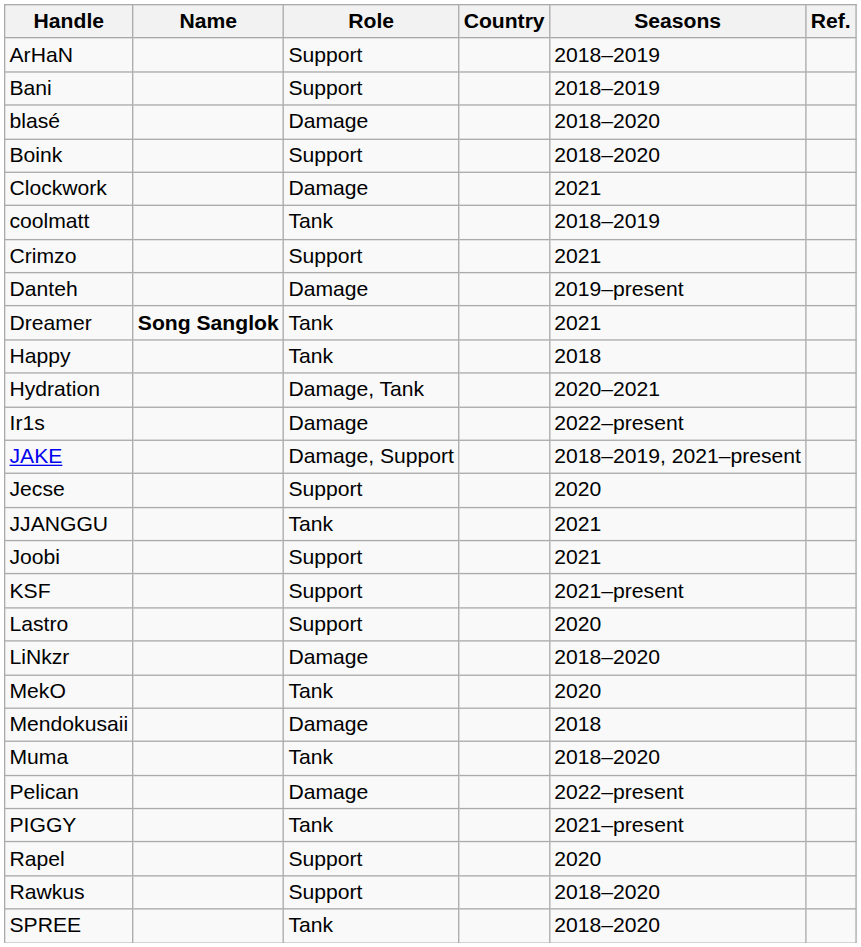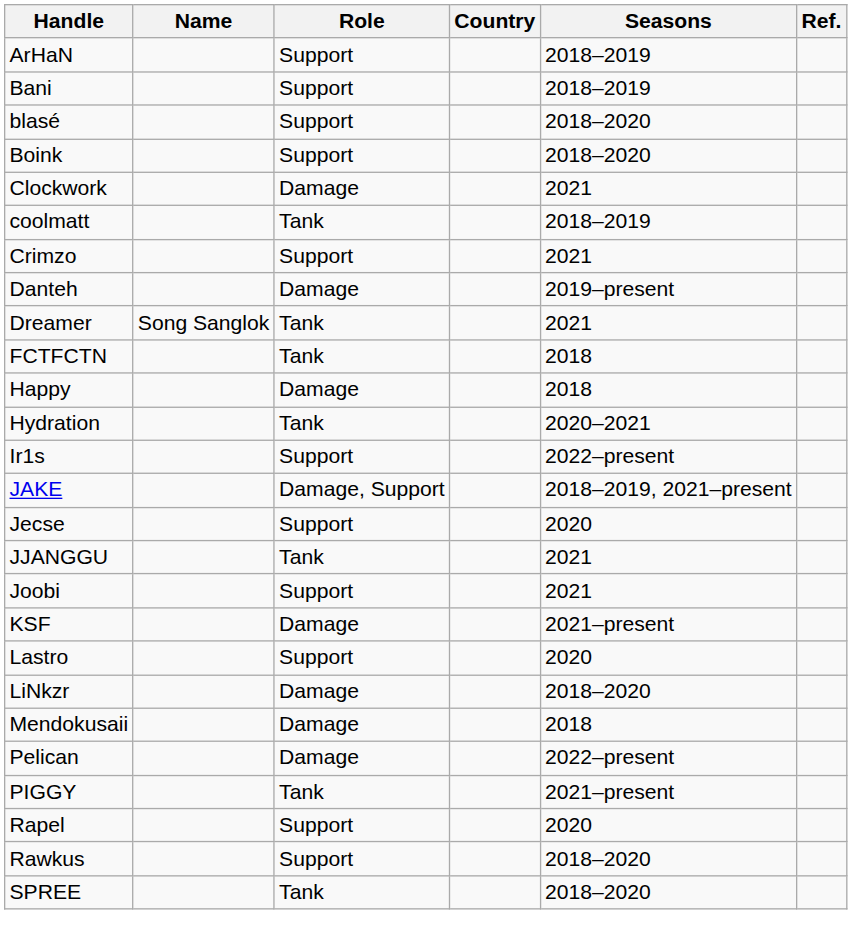 <table class="wikitable sortable" style="text-align:left;">
 <tr>
 <th style="background-color:#">Handle</th>
 <th style="background-color:#">Name</th>
 <th style="background-color:#">Role</th>
 <th style="background-color:#">Country</th>
 <th style="background-color:#">Seasons</th>
 <th style="background-color:#">Ref.</th>
 </tr>
 <tr>
 <td>ArHaN</td>
 <td></td>
 <td>Support</td>
 <td></td>
 <td>2018–2019</td>
 <td></td>
 </tr>
 <tr>
 <td>Bani</td>
 <td></td>
 <td>Support</td>
 <td></td>
 <td>2018–2019</td>
 <td></td>
 </tr>
 <tr>
 <td>blasé</td>
 <td></td>
-<td>Damage</td>
+<td>Support</td>
 <td></td>
 <td>2018–2020</td>
 <td></td>
 </tr>
 <tr>
 <td>Boink</td>
 <td></td>
 <td>Support</td>
 <td></td>
 <td>2018–2020</td>
 <td></td>
 </tr>
 <tr>
 <td>Clockwork</td>
 <td></td>
 <td>Damage</td>
 <td></td>
 <td>2021</td>
 <td></td>
 </tr>
 <tr>
 <td>coolmatt</td>
 <td></td>
 <td>Tank</td>
 <td></td>
 <td>2018–2019</td>
 <td></td>
 </tr>
 <tr>
 <td>Crimzo</td>
 <td></td>
 <td>Support</td>
 <td></td>
 <td>2021</td>
 <td></td>
 </tr>
 <tr>
 <td>Danteh</td>
 <td></td>
 <td>Damage</td>
 <td></td>
 <td>2019–present</td>
 <td></td>
 </tr>
 <tr>
 <td>Dreamer</td>
-<td><strong>Song Sanglok</strong></td>
+<td>Song Sanglok</td>
 <td>Tank</td>
 <td></td>
 <td>2021</td>
 <td></td>
 </tr>
 <tr>
-<td>Happy</td>
+<td>FCTFCTN</td>
 <td></td>
 <td>Tank</td>
 <td></td>
 <td>2018</td>
 <td></td>
 </tr>
 <tr>
+<td>Happy</td>
+<td></td>
+<td>Damage</td>
+<td></td>
+<td>2018</td>
+<td></td>
+</tr>
+<tr>
 <td>Hydration</td>
 <td></td>
-<td>Damage, Tank</td>
+<td>Tank</td>
 <td></td>
 <td>2020–2021</td>
 <td></td>
 </tr>
 <tr>
 <td>Ir1s</td>
 <td></td>
-<td>Damage</td>
+<td>Support</td>
 <td></td>
 <td>2022–present</td>
 <td></td>
 </tr>
 <tr>
 <td><a href='#'>JAKE</a></td>
 <td></td>
 <td>Damage, Support</td>
 <td></td>
 <td>2018–2019, 2021–present</td>
 <td></td>
 </tr>
 <tr>
 <td>Jecse</td>
 <td></td>
 <td>Support</td>
 <td></td>
 <td>2020</td>
 <td></td>
 </tr>
 <tr>
 <td>JJANGGU</td>
 <td></td>
 <td>Tank</td>
 <td></td>
 <td>2021</td>
 <td></td>
 </tr>
 <tr>
 <td>Joobi</td>
 <td></td>
 <td>Support</td>
 <td></td>
 <td>2021</td>
 <td></td>
 </tr>
 <tr>
 <td>KSF</td>
 <td></td>
-<td>Support</td>
+<td>Damage</td>
 <td></td>
 <td>2021–present</td>
 <td></td>
 </tr>
 <tr>
 <td>Lastro</td>
 <td></td>
 <td>Support</td>
 <td></td>
 <td>2020</td>
 <td></td>
 </tr>
 <tr>
 <td>LiNkzr</td>
 <td></td>
 <td>Damage</td>
 <td></td>
 <td>2018–2020</td>
 <td></td>
 </tr>
 <tr>
-<td>MekO</td>
-<td></td>
-<td>Tank</td>
-<td></td>
-<td>2020</td>
-<td></td>
-</tr>
-<tr>
 <td>Mendokusaii</td>
 <td></td>
 <td>Damage</td>
 <td></td>
 <td>2018</td>
-<td></td>
-</tr>
-<tr>
-<td>Muma</td>
-<td></td>
-<td>Tank</td>
-<td></td>
-<td>2018–2020</td>
 <td></td>
 </tr>
 <tr>
 <td>Pelican</td>
 <td></td>
 <td>Damage</td>
 <td></td>
 <td>2022–present</td>
 <td></td>
 </tr>
 <tr>
 <td>PIGGY</td>
 <td></td>
 <td>Tank</td>
 <td></td>
 <td>2021–present</td>
 <td></td>
 </tr>
 <tr>
 <td>Rapel</td>
 <td></td>
 <td>Support</td>
 <td></td>
 <td>2020</td>
 <td></td>
 </tr>
 <tr>
 <td>Rawkus</td>
 <td></td>
 <td>Support</td>
 <td></td>
 <td>2018–2020</td>
 <td></td>
 </tr>
 <tr>
 <td>SPREE</td>
 <td></td>
 <td>Tank</td>
 <td></td>
 <td>2018–2020</td>
 <td></td>
 </tr>
 </table>
